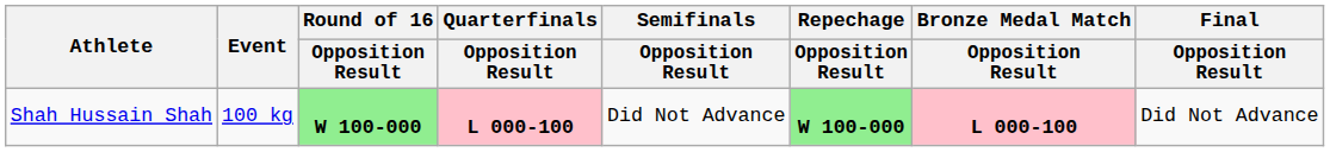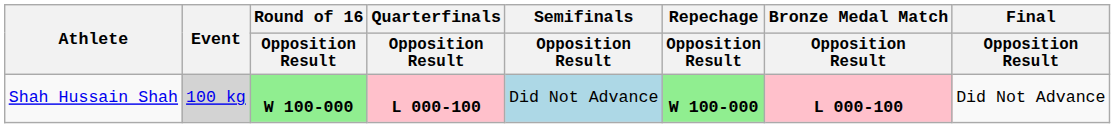 <table class=wikitable style="text-align:center; font-size:90%">
 <tr>
 <th rowspan="2">Athlete</th>
 <th rowspan="2">Event</th>
 <th>Round of 16</th>
 <th>Quarterfinals</th>
 <th>Semifinals</th>
 <th>Repechage</th>
 <th>Bronze Medal Match</th>
 <th>Final</th>
 </tr>
 <tr style="font-size:95%">
 <th>Opposition<br>Result</th>
 <th>Opposition<br>Result</th>
 <th>Opposition<br>Result</th>
 <th>Opposition<br>Result</th>
 <th>Opposition<br>Result</th>
 <th>Opposition<br>Result</th>
 </tr>
 <tr>
 <td><a href='#'>Shah Hussain Shah</a></td>
-<td><a href='#'>100 kg</a></td>
+<td style="background: lightgrey;"><a href='#'>100 kg</a></td>
 <td style="text-align:center; background:lightgreen;"><br><strong>W 100-000</strong></td>
 <td style="text-align:center; background:pink;"><br><strong>L 000-100</strong></td>
-<td>Did Not Advance</td>
+<td style="background: lightblue;">Did Not Advance</td>
 <td style="text-align:center; background:lightgreen;"><br><strong>W 100-000</strong></td>
 <td style="text-align:center; background:pink;"><br><strong>L 000-100</strong></td>
 <td>Did Not Advance</td>
 </tr>
 </table>
